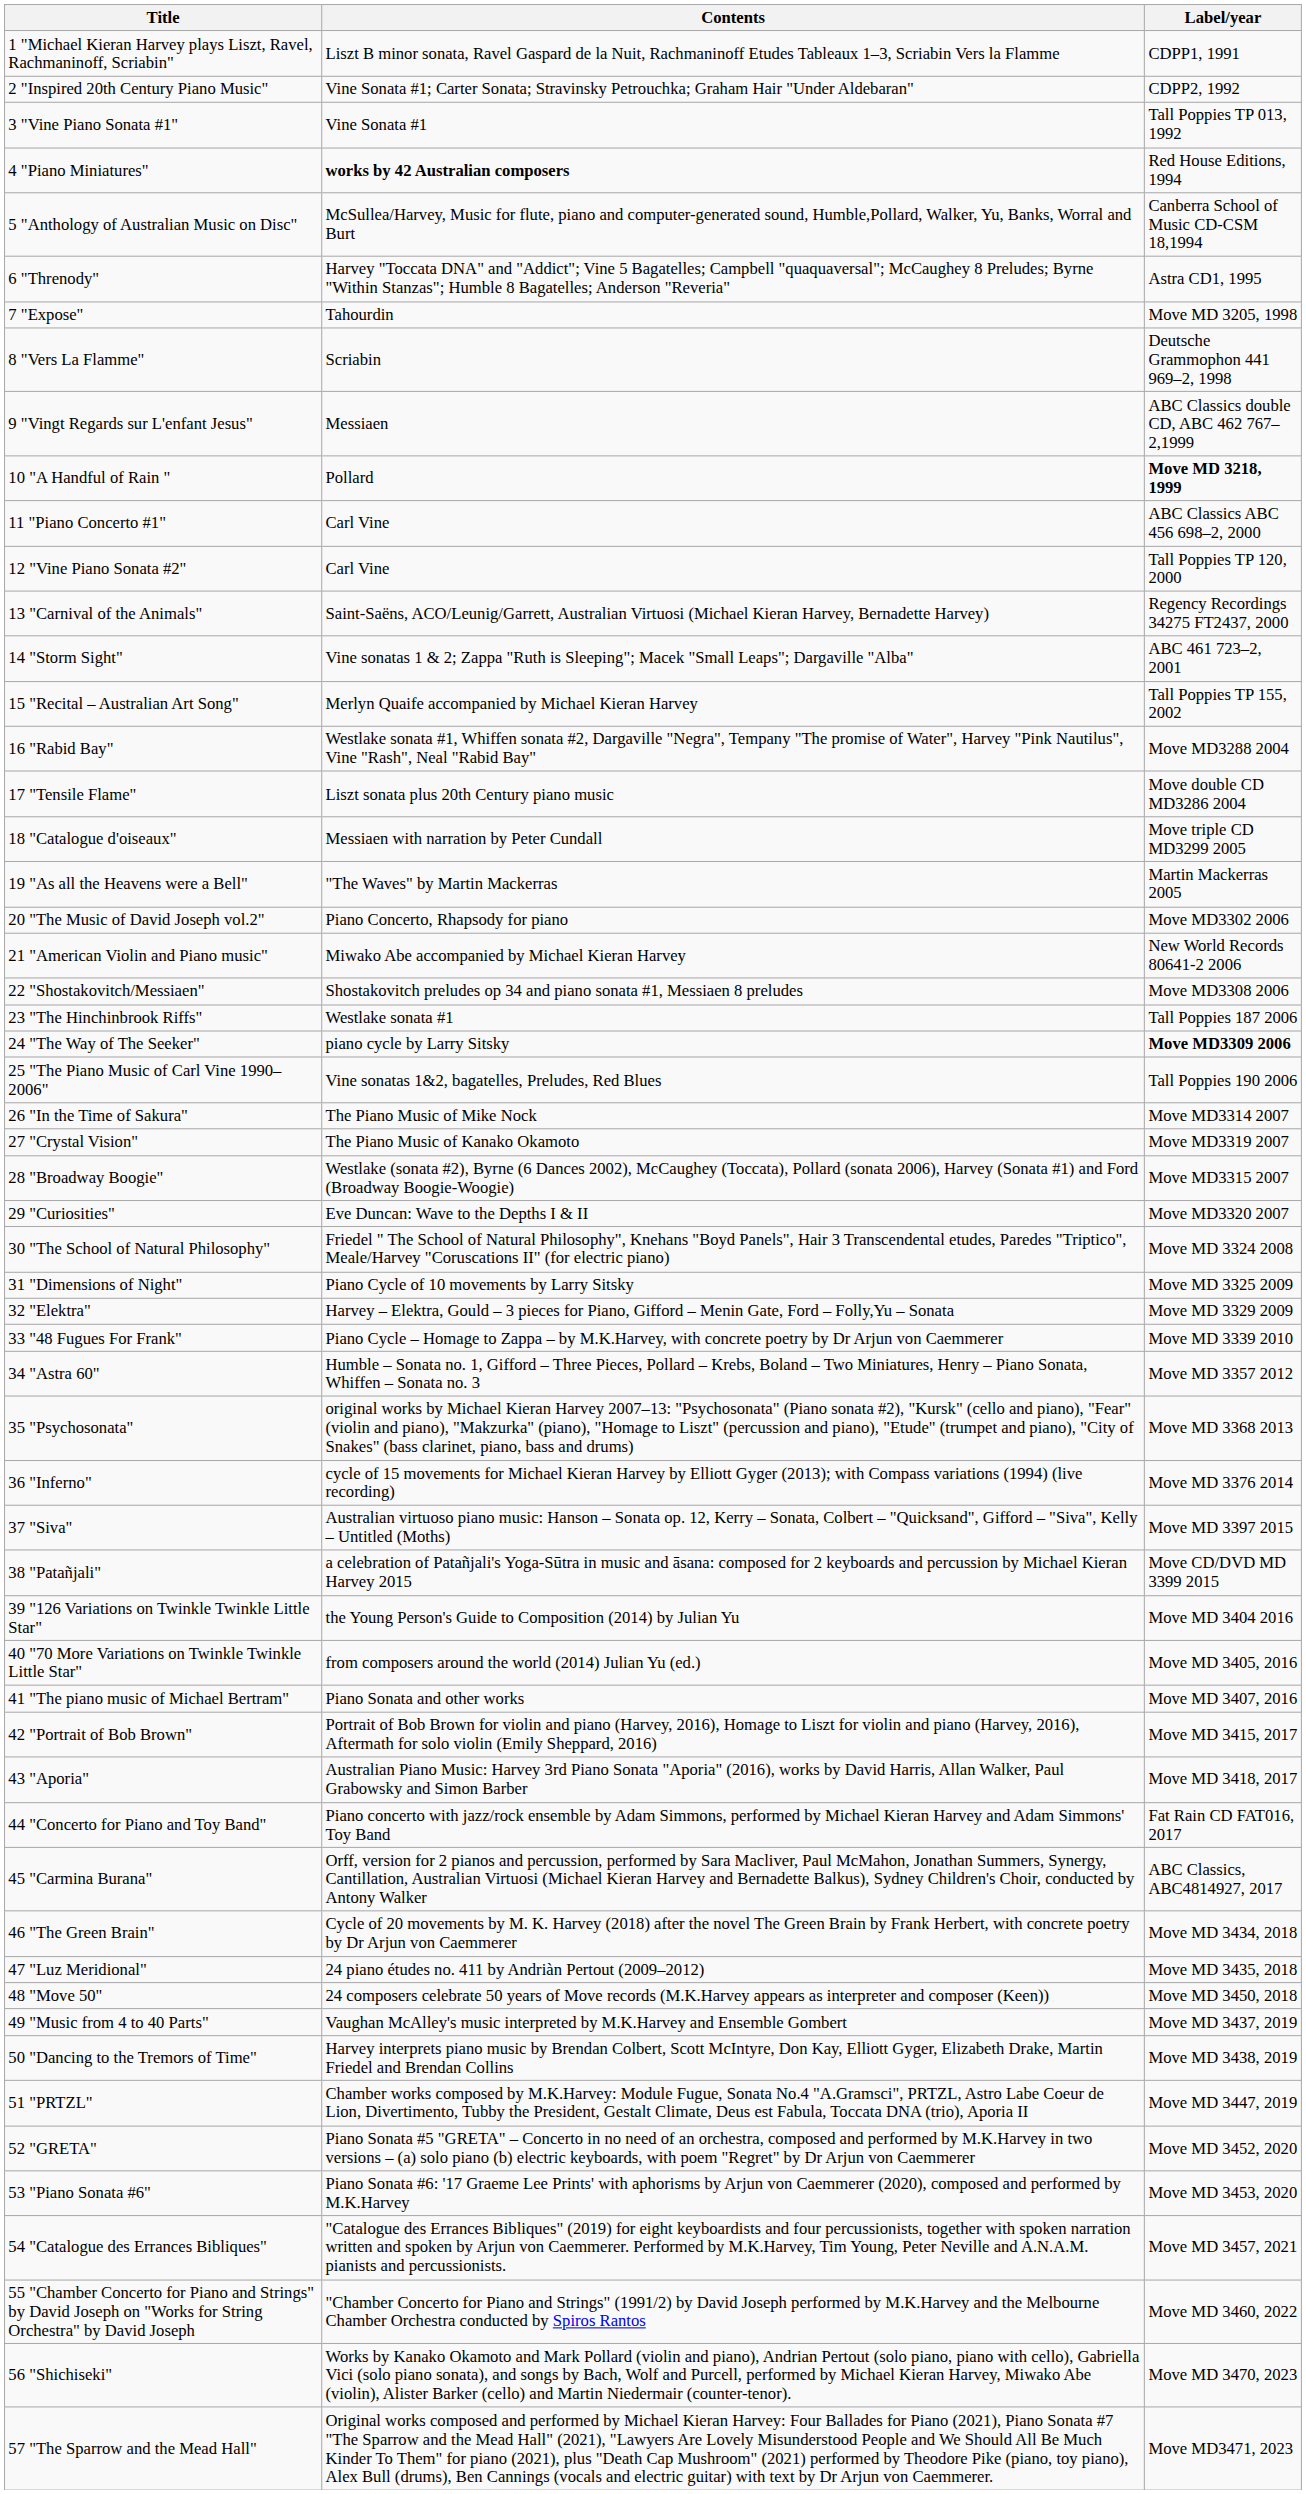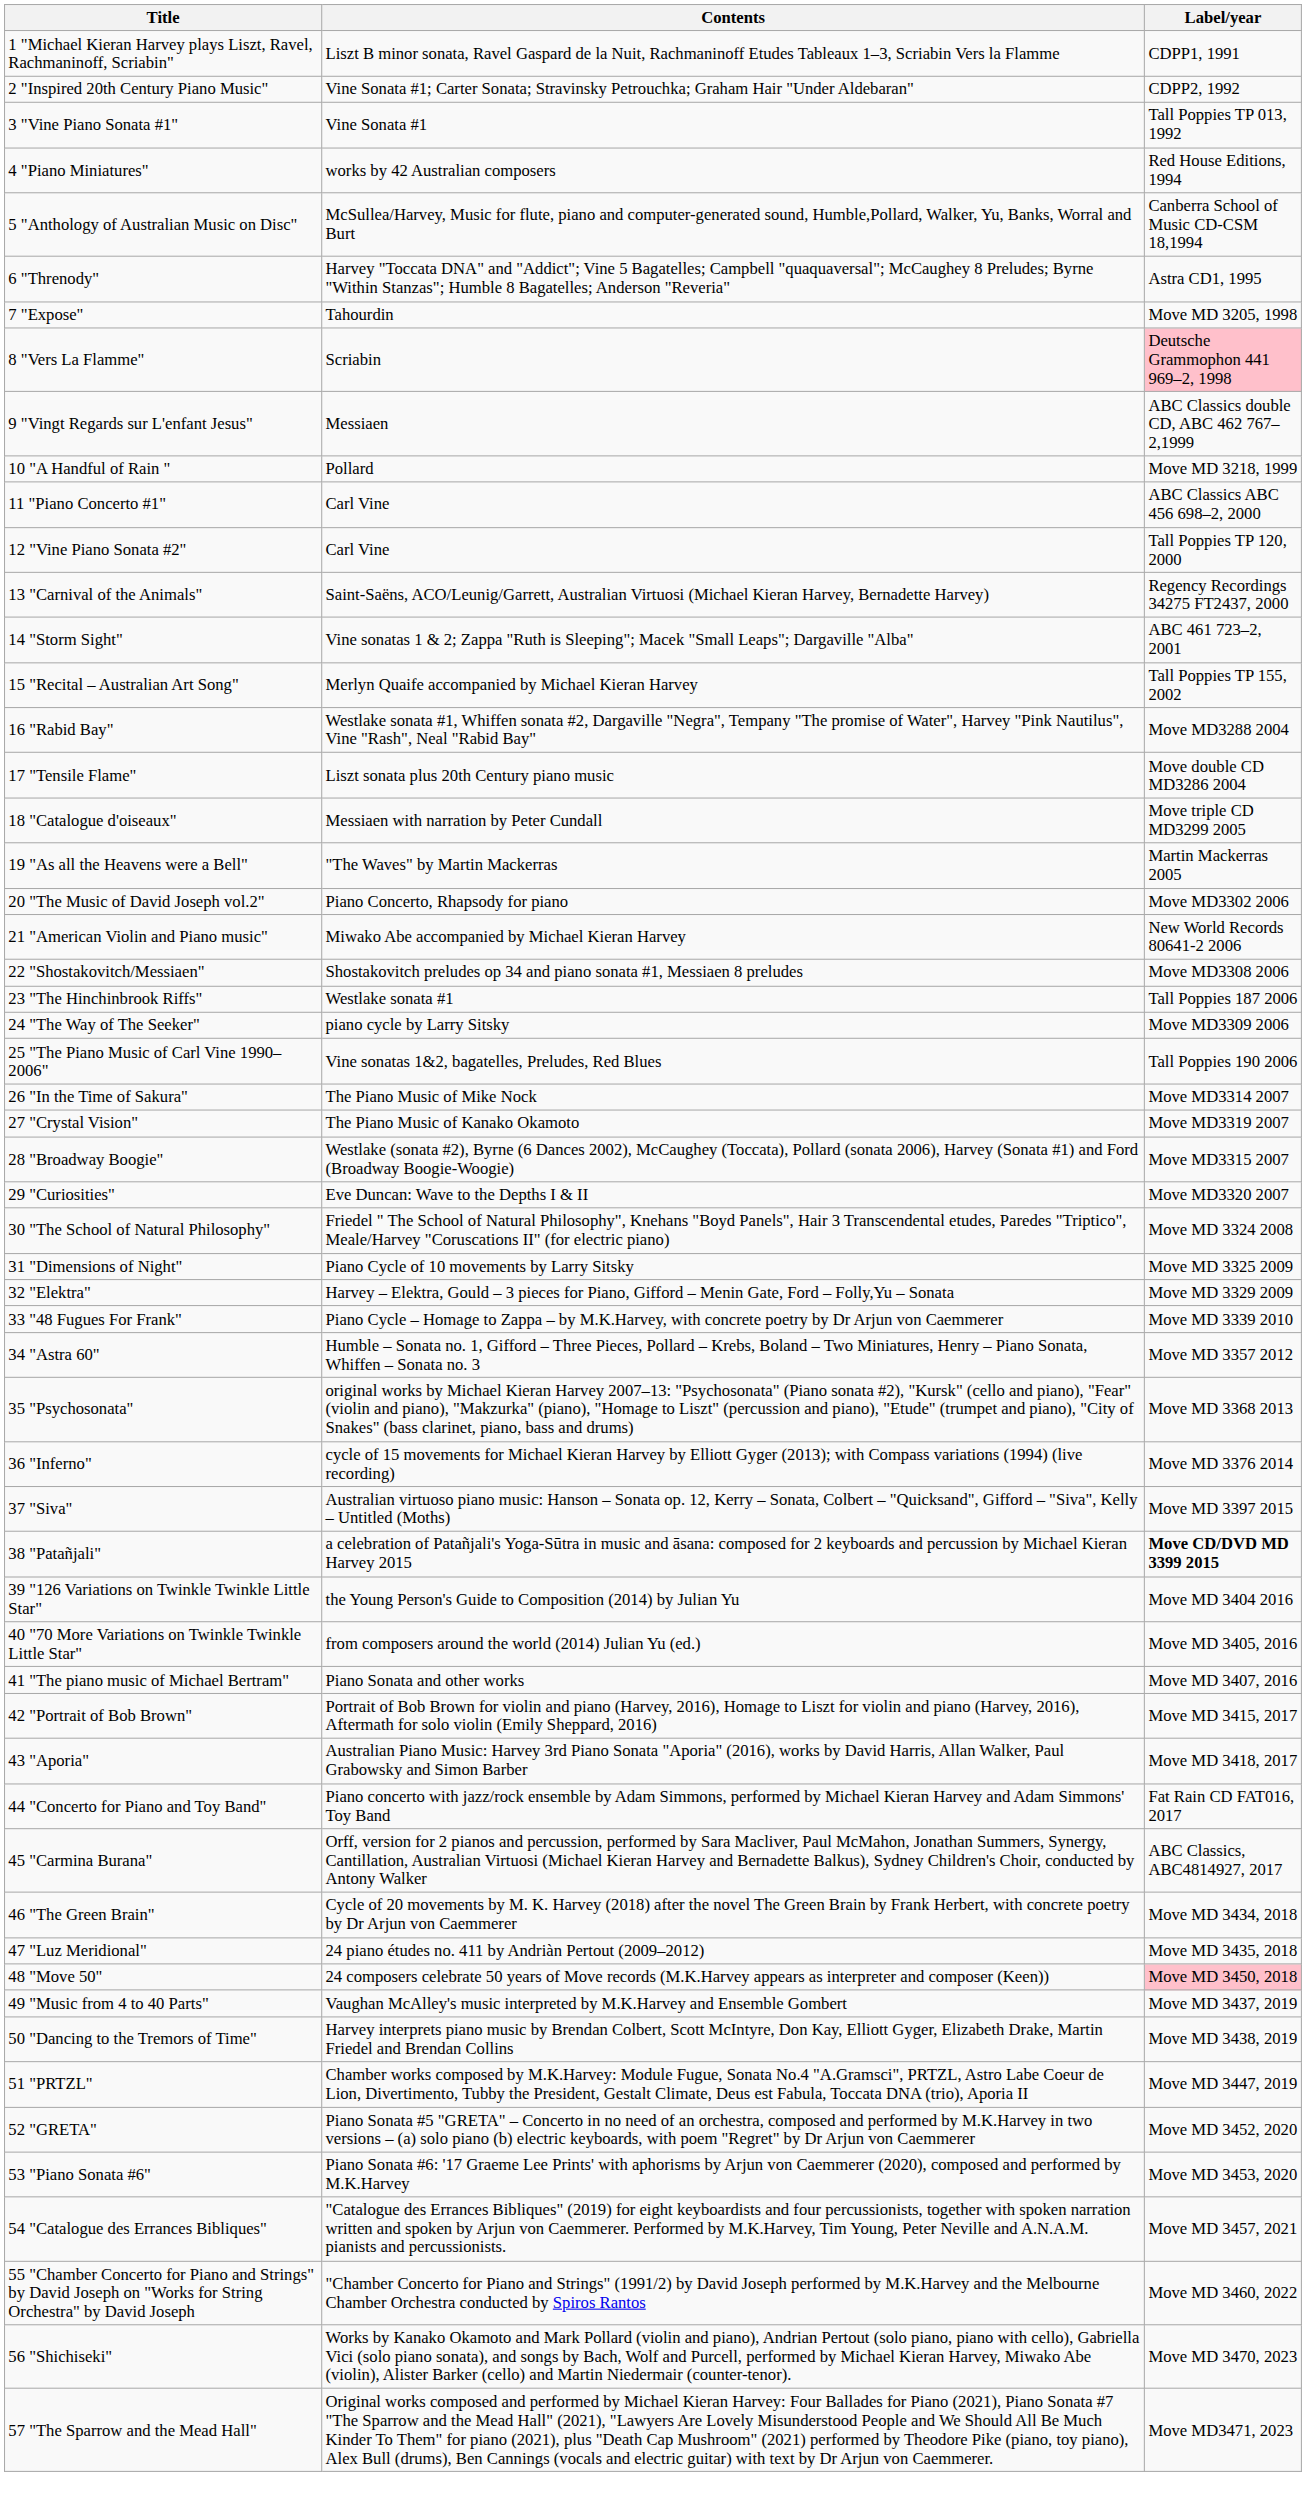 <table class = "wikitable sortable">
 <tr>
 <th>Title</th>
 <th>Contents</th>
 <th>Label/year</th>
 </tr>
 <tr>
 <td>1 "Michael Kieran Harvey plays Liszt, Ravel, Rachmaninoff, Scriabin"</td>
 <td>Liszt B minor sonata, Ravel Gaspard de la Nuit, Rachmaninoff Etudes Tableaux 1–3, Scriabin Vers la Flamme</td>
 <td>CDPP1, 1991</td>
 </tr>
 <tr>
 <td>2 "Inspired 20th Century Piano Music"</td>
 <td>Vine Sonata #1; Carter Sonata; Stravinsky Petrouchka; Graham Hair "Under Aldebaran"</td>
 <td>CDPP2, 1992</td>
 </tr>
 <tr>
 <td>3 "Vine Piano Sonata #1"</td>
 <td>Vine Sonata #1</td>
 <td>Tall Poppies TP 013, 1992</td>
 </tr>
 <tr>
 <td>4 "Piano Miniatures"</td>
-<td><strong>works by 42 Australian composers</strong></td>
+<td>works by 42 Australian composers</td>
 <td>Red House Editions, 1994</td>
 </tr>
 <tr>
 <td>5 "Anthology of Australian Music on Disc"</td>
 <td>McSullea/Harvey, Music for flute, piano and computer-generated sound, Humble,Pollard, Walker, Yu, Banks, Worral and Burt</td>
 <td>Canberra School of Music CD-CSM 18,1994</td>
 </tr>
 <tr>
 <td>6 "Threnody"</td>
 <td>Harvey "Toccata DNA" and "Addict"; Vine 5 Bagatelles; Campbell "quaquaversal"; McCaughey 8 Preludes; Byrne "Within Stanzas"; Humble 8 Bagatelles; Anderson "Reveria"</td>
 <td>Astra CD1, 1995</td>
 </tr>
 <tr>
 <td>7 "Expose"</td>
 <td>Tahourdin</td>
 <td>Move MD 3205, 1998</td>
 </tr>
 <tr>
 <td>8 "Vers La Flamme"</td>
 <td>Scriabin</td>
-<td>Deutsche Grammophon 441 969–2, 1998</td>
+<td style="background: pink;">Deutsche Grammophon 441 969–2, 1998</td>
 </tr>
 <tr>
 <td>9 "Vingt Regards sur L'enfant Jesus"</td>
 <td>Messiaen</td>
 <td>ABC Classics double CD, ABC 462 767–2,1999</td>
 </tr>
 <tr>
 <td>10 "A Handful of Rain "</td>
 <td>Pollard</td>
-<td><strong>Move MD 3218, 1999</strong></td>
+<td>Move MD 3218, 1999</td>
 </tr>
 <tr>
 <td>11 "Piano Concerto #1"</td>
 <td>Carl Vine</td>
 <td>ABC Classics ABC 456 698–2, 2000</td>
 </tr>
 <tr>
 <td>12 "Vine Piano Sonata #2"</td>
 <td>Carl Vine</td>
 <td>Tall Poppies TP 120, 2000</td>
 </tr>
 <tr>
 <td>13 "Carnival of the Animals"</td>
 <td>Saint-Saëns, ACO/Leunig/Garrett, Australian Virtuosi (Michael Kieran Harvey, Bernadette Harvey)</td>
 <td>Regency Recordings 34275 FT2437, 2000</td>
 </tr>
 <tr>
 <td>14 "Storm Sight"</td>
 <td>Vine sonatas 1 & 2; Zappa "Ruth is Sleeping"; Macek "Small Leaps"; Dargaville "Alba"</td>
 <td>ABC 461 723–2, 2001</td>
 </tr>
 <tr>
 <td>15 "Recital – Australian Art Song"</td>
 <td>Merlyn Quaife accompanied by Michael Kieran Harvey</td>
 <td>Tall Poppies TP 155, 2002</td>
 </tr>
 <tr>
 <td>16 "Rabid Bay"</td>
 <td>Westlake sonata #1, Whiffen sonata #2, Dargaville "Negra", Tempany "The promise of Water", Harvey "Pink Nautilus", Vine "Rash", Neal "Rabid Bay"</td>
 <td>Move MD3288 2004</td>
 </tr>
 <tr>
 <td>17 "Tensile Flame"</td>
 <td>Liszt sonata plus 20th Century piano music</td>
 <td>Move double CD MD3286 2004</td>
 </tr>
 <tr>
 <td>18 "Catalogue d'oiseaux"</td>
 <td>Messiaen with narration by Peter Cundall</td>
 <td>Move triple CD MD3299 2005</td>
 </tr>
 <tr>
 <td>19 "As all the Heavens were a Bell"</td>
 <td>"The Waves" by Martin Mackerras</td>
 <td>Martin Mackerras 2005</td>
 </tr>
 <tr>
 <td>20 "The Music of David Joseph vol.2"</td>
 <td>Piano Concerto, Rhapsody for piano</td>
 <td>Move MD3302 2006</td>
 </tr>
 <tr>
 <td>21 "American Violin and Piano music"</td>
 <td>Miwako Abe accompanied by Michael Kieran Harvey</td>
 <td>New World Records 80641-2 2006</td>
 </tr>
 <tr>
 <td>22 "Shostakovitch/Messiaen"</td>
 <td>Shostakovitch preludes op 34 and piano sonata #1, Messiaen 8 preludes</td>
 <td>Move MD3308 2006</td>
 </tr>
 <tr>
 <td>23 "The Hinchinbrook Riffs"</td>
 <td>Westlake sonata #1</td>
 <td>Tall Poppies 187 2006</td>
 </tr>
 <tr>
 <td>24 "The Way of The Seeker"</td>
 <td>piano cycle by Larry Sitsky</td>
-<td><strong>Move MD3309 2006</strong></td>
+<td>Move MD3309 2006</td>
 </tr>
 <tr>
 <td>25 "The Piano Music of Carl Vine 1990–2006"</td>
 <td>Vine sonatas 1&2, bagatelles, Preludes, Red Blues</td>
 <td>Tall Poppies 190 2006</td>
 </tr>
 <tr>
 <td>26 "In the Time of Sakura"</td>
 <td>The Piano Music of Mike Nock</td>
 <td>Move MD3314 2007</td>
 </tr>
 <tr>
 <td>27 "Crystal Vision"</td>
 <td>The Piano Music of Kanako Okamoto</td>
 <td>Move MD3319 2007</td>
 </tr>
 <tr>
 <td>28 "Broadway Boogie"</td>
 <td>Westlake (sonata #2), Byrne (6 Dances 2002), McCaughey (Toccata), Pollard (sonata 2006), Harvey (Sonata #1) and Ford (Broadway Boogie-Woogie)</td>
 <td>Move MD3315 2007</td>
 </tr>
 <tr>
 <td>29 "Curiosities"</td>
 <td>Eve Duncan: Wave to the Depths I & II</td>
 <td>Move MD3320 2007</td>
 </tr>
 <tr>
 <td>30 "The School of Natural Philosophy"</td>
 <td>Friedel " The School of Natural Philosophy", Knehans "Boyd Panels", Hair 3 Transcendental etudes, Paredes "Triptico", Meale/Harvey "Coruscations II" (for electric piano)</td>
 <td>Move MD 3324 2008</td>
 </tr>
 <tr>
 <td>31 "Dimensions of Night"</td>
 <td>Piano Cycle of 10 movements by Larry Sitsky</td>
 <td>Move MD 3325 2009</td>
 </tr>
 <tr>
 <td>32 "Elektra"</td>
 <td>Harvey – Elektra, Gould – 3 pieces for Piano, Gifford – Menin Gate, Ford – Folly,Yu – Sonata</td>
 <td>Move MD 3329 2009</td>
 </tr>
 <tr>
 <td>33 "48 Fugues For Frank"</td>
 <td>Piano Cycle – Homage to Zappa – by M.K.Harvey, with concrete poetry by Dr Arjun von Caemmerer</td>
 <td>Move MD 3339 2010</td>
 </tr>
 <tr>
 <td>34 "Astra 60"</td>
 <td>Humble – Sonata no. 1, Gifford – Three Pieces, Pollard – Krebs, Boland – Two Miniatures, Henry – Piano Sonata, Whiffen – Sonata no. 3</td>
 <td>Move MD 3357 2012</td>
 </tr>
 <tr>
 <td>35 "Psychosonata"</td>
 <td>original works by Michael Kieran Harvey 2007–13: "Psychosonata" (Piano sonata #2), "Kursk" (cello and piano), "Fear" (violin and piano), "Makzurka" (piano), "Homage to Liszt" (percussion and piano), "Etude" (trumpet and piano), "City of Snakes" (bass clarinet, piano, bass and drums)</td>
 <td>Move MD 3368 2013</td>
 </tr>
 <tr>
 <td>36 "Inferno"</td>
 <td>cycle of 15 movements for Michael Kieran Harvey by Elliott Gyger (2013); with Compass variations (1994) (live recording)</td>
 <td>Move MD 3376 2014</td>
 </tr>
 <tr>
 <td>37 "Siva"</td>
 <td>Australian virtuoso piano music: Hanson – Sonata op. 12, Kerry – Sonata, Colbert – "Quicksand", Gifford – "Siva", Kelly – Untitled (Moths)</td>
 <td>Move MD 3397 2015</td>
 </tr>
 <tr>
 <td>38 "Patañjali"</td>
 <td>a celebration of Patañjali's Yoga-Sūtra in music and āsana: composed for 2 keyboards and percussion by Michael Kieran Harvey 2015</td>
-<td>Move CD/DVD MD 3399 2015</td>
+<td><strong>Move CD/DVD MD 3399 2015</strong></td>
 </tr>
 <tr>
 <td>39 "126 Variations on Twinkle Twinkle Little Star"</td>
 <td>the Young Person's Guide to Composition (2014) by Julian Yu</td>
 <td>Move MD 3404 2016</td>
 </tr>
 <tr>
 <td>40 "70 More Variations on Twinkle Twinkle Little Star"</td>
 <td>from composers around the world (2014) Julian Yu (ed.)</td>
 <td>Move MD 3405, 2016</td>
 </tr>
 <tr>
 <td>41 "The piano music of Michael Bertram"</td>
 <td>Piano Sonata and other works</td>
 <td>Move MD 3407, 2016</td>
 </tr>
 <tr>
 <td>42 "Portrait of Bob Brown"</td>
 <td>Portrait of Bob Brown for violin and piano (Harvey, 2016), Homage to Liszt for violin and piano (Harvey, 2016), Aftermath for solo violin (Emily Sheppard, 2016)</td>
 <td>Move MD 3415, 2017</td>
 </tr>
 <tr>
 <td>43 "Aporia"</td>
 <td>Australian Piano Music: Harvey 3rd Piano Sonata "Aporia" (2016), works by David Harris, Allan Walker, Paul Grabowsky and Simon Barber</td>
 <td>Move MD 3418, 2017</td>
 </tr>
 <tr>
 <td>44 "Concerto for Piano and Toy Band"</td>
 <td>Piano concerto with jazz/rock ensemble by Adam Simmons, performed by Michael Kieran Harvey and Adam Simmons' Toy Band</td>
 <td>Fat Rain CD FAT016, 2017</td>
 </tr>
 <tr>
 <td>45 "Carmina Burana"</td>
 <td>Orff, version for 2 pianos and percussion, performed by Sara Macliver, Paul McMahon, Jonathan Summers, Synergy, Cantillation, Australian Virtuosi (Michael Kieran Harvey and Bernadette Balkus), Sydney Children's Choir, conducted by Antony Walker</td>
 <td>ABC Classics, ABC4814927, 2017</td>
 </tr>
 <tr>
 <td>46 "The Green Brain"</td>
 <td>Cycle of 20 movements by M. K. Harvey (2018) after the novel The Green Brain by Frank Herbert, with concrete poetry by Dr Arjun von Caemmerer</td>
 <td>Move MD 3434, 2018</td>
 </tr>
 <tr>
 <td>47 "Luz Meridional"</td>
 <td>24 piano études no. 411 by Andriàn Pertout (2009–2012)</td>
 <td>Move MD 3435, 2018</td>
 </tr>
 <tr>
 <td>48 "Move 50"</td>
 <td>24 composers celebrate 50 years of Move records (M.K.Harvey appears as interpreter and composer (Keen))</td>
-<td>Move MD 3450, 2018</td>
+<td style="background: pink;">Move MD 3450, 2018</td>
 </tr>
 <tr>
 <td>49 "Music from 4 to 40 Parts"</td>
 <td>Vaughan McAlley's music interpreted by M.K.Harvey and Ensemble Gombert</td>
 <td>Move MD 3437, 2019</td>
 </tr>
 <tr>
 <td>50 "Dancing to the Tremors of Time"</td>
 <td>Harvey interprets piano music by Brendan Colbert, Scott McIntyre, Don Kay, Elliott Gyger, Elizabeth Drake, Martin Friedel and Brendan Collins</td>
 <td>Move MD 3438, 2019</td>
 </tr>
 <tr>
 <td>51 "PRTZL"</td>
 <td>Chamber works composed by M.K.Harvey: Module Fugue, Sonata No.4 "A.Gramsci", PRTZL, Astro Labe Coeur de Lion, Divertimento, Tubby the President, Gestalt Climate, Deus est Fabula, Toccata DNA (trio), Aporia II</td>
 <td>Move MD 3447, 2019</td>
 </tr>
 <tr>
 <td>52 "GRETA"</td>
 <td>Piano Sonata #5 "GRETA" – Concerto in no need of an orchestra, composed and performed by M.K.Harvey in two versions – (a) solo piano (b) electric keyboards, with poem "Regret" by Dr Arjun von Caemmerer</td>
 <td>Move MD 3452, 2020</td>
 </tr>
 <tr>
 <td>53 "Piano Sonata #6"</td>
 <td>Piano Sonata #6: '17 Graeme Lee Prints' with aphorisms by Arjun von Caemmerer (2020), composed and performed by M.K.Harvey</td>
 <td>Move MD 3453, 2020</td>
 </tr>
 <tr>
 <td>54 "Catalogue des Errances Bibliques"</td>
 <td>"Catalogue des Errances Bibliques" (2019) for eight keyboardists and four percussionists, together with spoken narration written and spoken by Arjun von Caemmerer. Performed by M.K.Harvey, Tim Young, Peter Neville and A.N.A.M. pianists and percussionists.</td>
 <td>Move MD 3457, 2021</td>
 </tr>
 <tr>
 <td>55 "Chamber Concerto for Piano and Strings" by David Joseph on "Works for String Orchestra" by David Joseph</td>
 <td>"Chamber Concerto for Piano and Strings" (1991/2) by David Joseph performed by M.K.Harvey and the Melbourne Chamber Orchestra conducted by <a href='#'>Spiros Rantos</a></td>
 <td>Move MD 3460, 2022</td>
 </tr>
 <tr>
 <td>56 "Shichiseki"</td>
 <td>Works by Kanako Okamoto and Mark Pollard (violin and piano), Andrian Pertout (solo piano, piano with cello), Gabriella Vici (solo piano sonata), and songs by Bach, Wolf and Purcell, performed by Michael Kieran Harvey, Miwako Abe (violin), Alister Barker (cello) and Martin Niedermair (counter-tenor).</td>
 <td>Move MD 3470, 2023</td>
 </tr>
 <tr>
 <td>57 "The Sparrow and the Mead Hall"</td>
 <td>Original works composed and performed by Michael Kieran Harvey: Four Ballades for Piano (2021), Piano Sonata #7 "The Sparrow and the Mead Hall" (2021), "Lawyers Are Lovely Misunderstood People and We Should All Be Much Kinder To Them" for piano (2021), plus "Death Cap Mushroom" (2021) performed by Theodore Pike (piano, toy piano), Alex Bull (drums), Ben Cannings (vocals and electric guitar) with text by Dr Arjun von Caemmerer.</td>
 <td>Move MD3471, 2023</td>
 </tr>
 </table>
